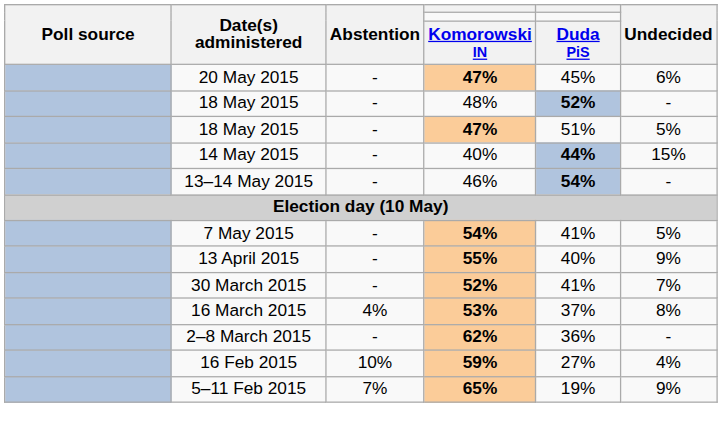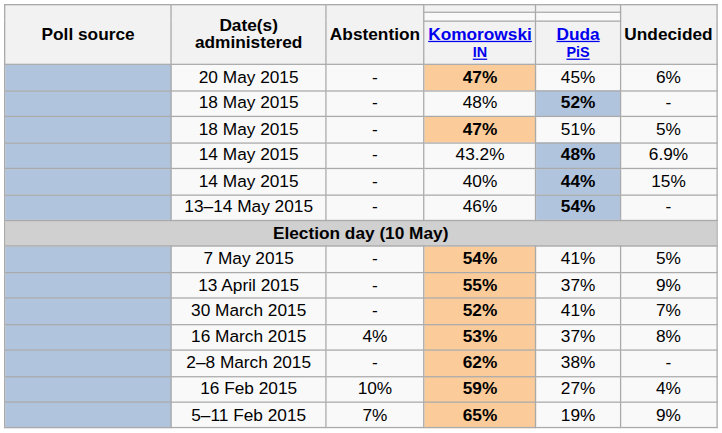 <table class="wikitable" style="text-align:center;font-size:85%;line-height:14px;">
 <tr style="background:lightgrey;">
 <th rowspan="3" style="width:125px;">Poll source</th>
 <th rowspan="3" style="width:115px;">Date(s)<br>administered</th>
 <th rowspan="3" style="width:60px;">Abstention</th>
 <th style="width:60px;"></th>
 <th style="width:60px;"></th>
 <th rowspan="3" style="width:60px;">Undecided</th>
 </tr>
 <tr>
 <td></td>
 <td></td>
 </tr>
 <tr>
 <th><a href='#'>Komorowski</a><br><small><a href='#'>IN</a></small></th>
 <th><a href='#'>Duda</a><br><small><a href='#'>PiS</a></small></th>
 </tr>
 <tr>
 <td style="background:lightsteelblue;"></td>
 <td>20 May 2015</td>
 <td>-</td>
 <td style="background:#fbcc99;"><strong>47%</strong></td>
 <td>45%</td>
 <td>6%</td>
 </tr>
 <tr>
 <td style="background:lightsteelblue;"></td>
 <td>18 May 2015</td>
 <td>-</td>
 <td>48%</td>
 <td style="background:lightsteelblue;"><strong>52%</strong></td>
 <td>-</td>
 </tr>
 <tr>
 <td style="background:lightsteelblue;"></td>
 <td>18 May 2015</td>
 <td>-</td>
 <td style="background:#fbcc99;"><strong>47%</strong></td>
 <td>51%</td>
 <td>5%</td>
 </tr>
 <tr>
 <td style="background:lightsteelblue;"></td>
 <td>14 May 2015</td>
 <td>-</td>
+<td>43.2%</td>
+<td style="background:lightsteelblue;"><strong>48%</strong></td>
+<td>6.9%</td>
+</tr>
+<tr>
+<td style="background:lightsteelblue;"></td>
+<td>14 May 2015</td>
+<td>-</td>
 <td>40%</td>
 <td style="background:lightsteelblue;"><strong>44%</strong></td>
 <td>15%</td>
 </tr>
 <tr>
 <td style="background:lightsteelblue;"></td>
 <td>13–14 May 2015</td>
 <td>-</td>
 <td>46%</td>
 <td style="background:lightsteelblue;"><strong>54%</strong></td>
 <td>-</td>
 </tr>
 <tr>
 <td colspan="6" style="background:#D0D0D0; color:black"><strong>Election day (10 May)</strong></td>
 </tr>
 <tr>
 <td style="background:lightsteelblue;"></td>
 <td>7 May 2015</td>
 <td>-</td>
 <td style="background:#fbcc99;"><strong>54%</strong></td>
 <td>41%</td>
 <td>5%</td>
 </tr>
 <tr>
 <td style="background:lightsteelblue;"></td>
 <td>13 April 2015</td>
 <td>-</td>
 <td style="background:#fbcc99;"><strong>55%</strong></td>
-<td>40%</td>
+<td>37%</td>
 <td>9%</td>
 </tr>
 <tr>
 <td style="background:lightsteelblue;"></td>
 <td>30 March 2015</td>
 <td>-</td>
 <td style="background:#fbcc99;"><strong>52%</strong></td>
 <td>41%</td>
 <td>7%</td>
 </tr>
 <tr>
 <td style="background:lightsteelblue;"> </td>
 <td>16 March 2015</td>
 <td>4%</td>
 <td style="background:#fbcc99;"><strong>53%</strong></td>
 <td>37%</td>
 <td>8%</td>
 </tr>
 <tr>
 <td style="background:lightsteelblue;"></td>
 <td>2–8 March 2015</td>
 <td>-</td>
 <td style="background:#fbcc99;"><strong>62%</strong></td>
-<td>36%</td>
+<td>38%</td>
 <td>-</td>
 </tr>
 <tr>
 <td style="background:lightsteelblue;"></td>
 <td>16 Feb 2015</td>
 <td>10%</td>
 <td style="background:#fbcc99;"><strong>59%</strong></td>
 <td>27%</td>
 <td>4%</td>
 </tr>
 <tr>
 <td style="background:lightsteelblue;"></td>
 <td>5–11 Feb 2015</td>
 <td>7%</td>
 <td style="background:#fbcc99;"><strong>65%</strong></td>
 <td>19%</td>
 <td>9%</td>
 </tr>
 </table>
